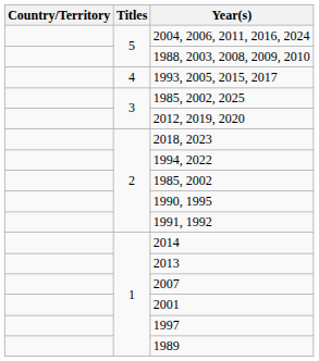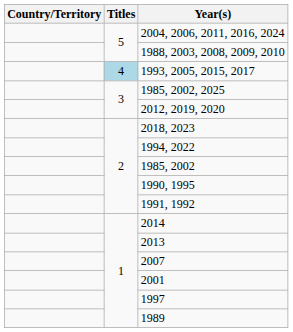 <table class="wikitable">
 <tr>
 <th>Country/Territory</th>
 <th>Titles</th>
 <th>Year(s)</th>
 </tr>
 <tr>
 <td></td>
 <td rowspan="2" style="text-align:center;">5</td>
 <td>2004, 2006, 2011, 2016, 2024</td>
 </tr>
 <tr>
 <td></td>
 <td>1988, 2003, 2008, 2009, 2010</td>
 </tr>
 <tr>
 <td></td>
-<td style="text-align:center;">4</td>
+<td style="background: lightblue; text-align:center;">4</td>
 <td>1993, 2005, 2015, 2017</td>
 </tr>
 <tr>
 <td></td>
 <td rowspan="2" style="text-align:center;">3</td>
 <td>1985, 2002, 2025</td>
 </tr>
 <tr>
 <td></td>
 <td>2012, 2019, 2020</td>
 </tr>
 <tr>
 <td></td>
 <td rowspan="5" style="text-align:center;">2</td>
 <td>2018, 2023</td>
 </tr>
 <tr>
 <td></td>
 <td>1994, 2022</td>
 </tr>
 <tr>
 <td></td>
 <td>1985, 2002</td>
 </tr>
 <tr>
 <td></td>
 <td>1990, 1995</td>
 </tr>
 <tr>
 <td></td>
 <td>1991, 1992</td>
 </tr>
 <tr>
 <td></td>
 <td rowspan="7"style="text-align:center;">1</td>
 <td>2014</td>
 </tr>
 <tr>
 <td></td>
 <td>2013</td>
 </tr>
 <tr>
 <td></td>
 <td>2007</td>
 </tr>
 <tr>
 <td></td>
 <td>2001</td>
 </tr>
 <tr>
 <td></td>
 <td>1997</td>
 </tr>
 <tr>
 <td></td>
 <td>1989</td>
 </tr>
 </table>
